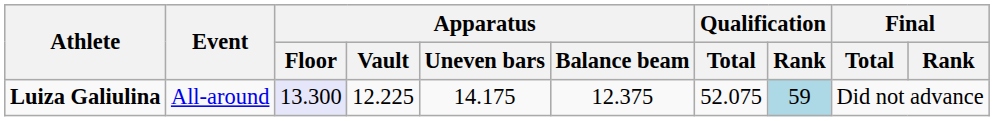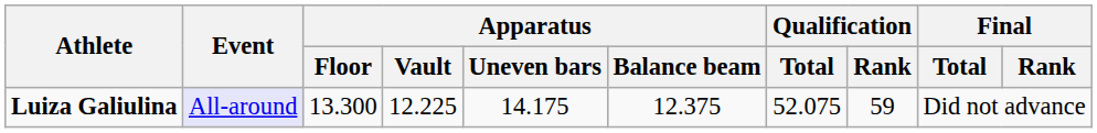 <table class="wikitable" style="font-size:90%">
 <tr>
 <th rowspan="2">Athlete</th>
 <th rowspan="2">Event</th>
 <th colspan = "4">Apparatus</th>
 <th colspan = "2">Qualification</th>
 <th colspan = "2">Final</th>
 </tr>
 <tr>
 <th>Floor</th>
 <th>Vault</th>
 <th>Uneven bars</th>
 <th>Balance beam</th>
 <th>Total</th>
 <th>Rank</th>
 <th>Total</th>
 <th>Rank</th>
 </tr>
 <tr>
 <td><strong>Luiza Galiulina</strong></td>
-<td><a href='#'>All-around</a></td>
-<td align="center" style="background: lavender;">13.300</td>
+<td style="background: lavender;"><a href='#'>All-around</a></td>
+<td align="center">13.300</td>
 <td align="center">12.225</td>
 <td align="center">14.175</td>
 <td align="center">12.375</td>
 <td align="center">52.075</td>
-<td align="center" style="background: lightblue;">59</td>
+<td align="center">59</td>
 <td align=center colspan="2">Did not advance</td>
 </tr>
 </table>
